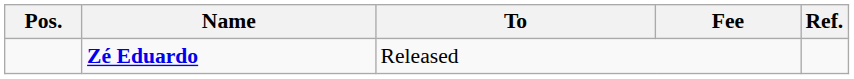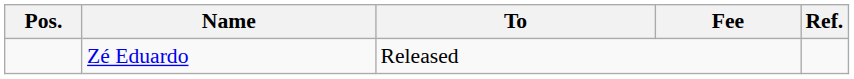 <table class="wikitable">
 <tr>
 <th style="width:50px">Pos.</th>
 <th style="width:210px">Name</th>
 <th style="width:200px">To</th>
 <th style="width:100px">Fee</th>
 <th style="width:20px">Ref.</th>
 </tr>
 <tr>
 <td></td>
-<td><strong> <a href='#'>Zé Eduardo</a></strong></td>
+<td> <a href='#'>Zé Eduardo</a></td>
 <td colspan=2>Released</td>
 <td></td>
 </tr>
 </table>
